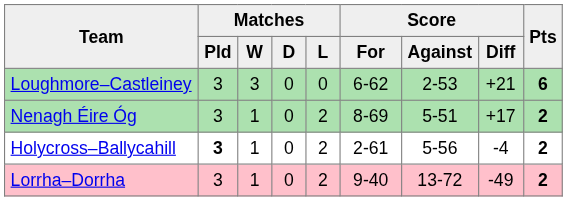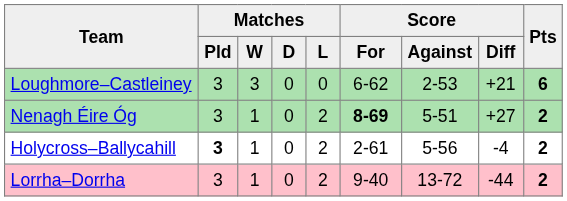 <table style=border-collapse:collapse border=1 cellspacing=0 cellpadding=5>
 <tr align=center bgcolor=#efefef>
 <th rowspan=2 width=165>Team</th>
 <th colspan=4>Matches</th>
 <th colspan=3>Score</th>
 <th rowspan=2width=20>Pts</th>
 </tr>
 <tr align=center bgcolor=#efefef>
 <th width=20>Pld</th>
 <th width=20>W</th>
 <th width=20>D</th>
 <th width=20>L</th>
 <th width=45>For</th>
 <th width=45>Against</th>
 <th width=30>Diff</th>
 </tr>
 <tr align=center style="background:#ACE1AF;">
 <td style="text-align:left;"> <a href='#'>Loughmore–Castleiney</a></td>
 <td>3</td>
 <td>3</td>
 <td>0</td>
 <td>0</td>
 <td>6-62</td>
 <td>2-53</td>
 <td>+21</td>
 <td><strong>6</strong></td>
 </tr>
 <tr align=center style="background:#ACE1AF;">
 <td style="text-align:left;"> <a href='#'>Nenagh Éire Óg</a></td>
 <td>3</td>
 <td>1</td>
 <td>0</td>
 <td>2</td>
-<td>8-69</td>
+<td><strong>8-69</strong></td>
 <td>5-51</td>
-<td>+17</td>
+<td>+27</td>
 <td><strong>2</strong></td>
 </tr>
 <tr align=center>
 <td style="text-align:left;"> <a href='#'>Holycross–Ballycahill</a></td>
 <td><strong>3</strong></td>
 <td>1</td>
 <td>0</td>
 <td>2</td>
 <td>2-61</td>
 <td>5-56</td>
 <td>-4</td>
 <td><strong>2</strong></td>
 </tr>
 <tr align=center style="background:#FFC0CB;">
 <td style="text-align:left;"> <a href='#'>Lorrha–Dorrha</a></td>
 <td>3</td>
 <td>1</td>
 <td>0</td>
 <td>2</td>
 <td>9-40</td>
 <td>13-72</td>
-<td>-49</td>
+<td>-44</td>
 <td><strong>2</strong></td>
 </tr>
 </table>
